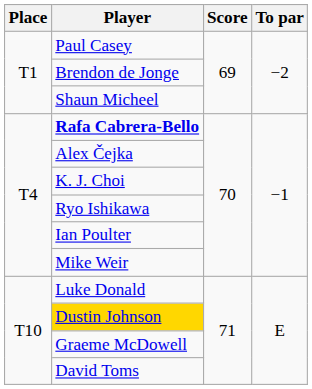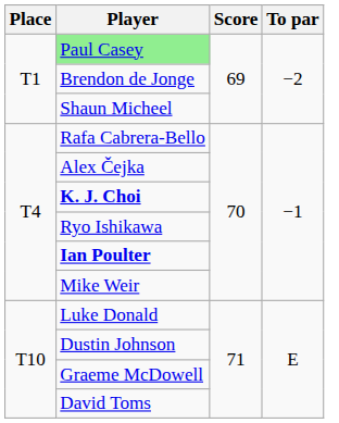 <table class="wikitable">
 <tr>
 <th>Place</th>
 <th>Player</th>
 <th>Score</th>
 <th>To par</th>
 </tr>
 <tr>
 <td rowspan=3 align=center>T1</td>
-<td> <a href='#'>Paul Casey</a></td>
+<td style="background: lightgreen;"> <a href='#'>Paul Casey</a></td>
 <td rowspan=3 align=center>69</td>
 <td rowspan=3 align=center>−2</td>
 </tr>
 <tr>
 <td> <a href='#'>Brendon de Jonge</a></td>
 </tr>
 <tr>
 <td> <a href='#'>Shaun Micheel</a></td>
 </tr>
 <tr>
 <td rowspan=6 align=center>T4</td>
-<td><strong> <a href='#'>Rafa Cabrera-Bello</a></strong></td>
+<td> <a href='#'>Rafa Cabrera-Bello</a></td>
 <td rowspan=6 align=center>70</td>
 <td rowspan=6 align=center>−1</td>
 </tr>
 <tr>
 <td> <a href='#'>Alex Čejka</a></td>
 </tr>
 <tr>
-<td> <a href='#'>K. J. Choi</a></td>
+<td><strong> <a href='#'>K. J. Choi</a></strong></td>
 </tr>
 <tr>
 <td> <a href='#'>Ryo Ishikawa</a></td>
 </tr>
 <tr>
-<td> <a href='#'>Ian Poulter</a></td>
+<td><strong> <a href='#'>Ian Poulter</a></strong></td>
 </tr>
 <tr>
 <td> <a href='#'>Mike Weir</a></td>
 </tr>
 <tr>
 <td rowspan=4 align=center>T10</td>
 <td> <a href='#'>Luke Donald</a></td>
 <td rowspan=4 align=center>71</td>
 <td rowspan=4 align=center>E</td>
 </tr>
 <tr>
-<td style="background: gold;"> <a href='#'>Dustin Johnson</a></td>
+<td> <a href='#'>Dustin Johnson</a></td>
 </tr>
 <tr>
 <td> <a href='#'>Graeme McDowell</a></td>
 </tr>
 <tr>
 <td> <a href='#'>David Toms</a></td>
 </tr>
 </table>
